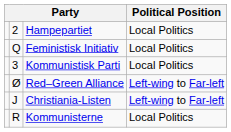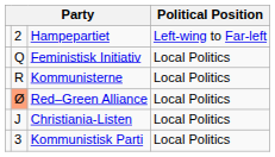 <table class="wikitable mw-collapsible mw-collapsed">
 <tr>
 <th colspan="3">Party</th>
 <th>Political Position</th>
 </tr>
 <tr>
 <td></td>
 <td>2</td>
 <td><a href='#'>Hampepartiet</a></td>
-<td>Local Politics</td>
+<td><a href='#'>Left-wing</a> to <a href='#'>Far-left</a></td>
 </tr>
 <tr>
 <td></td>
 <td>Q</td>
 <td><a href='#'>Feministisk Initiativ</a></td>
 <td>Local Politics</td>
 </tr>
 <tr>
 <td></td>
-<td>3</td>
-<td><a href='#'>Kommunistisk Parti</a></td>
+<td>R</td>
+<td><a href='#'>Kommunisterne</a></td>
 <td>Local Politics</td>
 </tr>
 <tr>
 <td></td>
-<td>Ø</td>
+<td style="background: lightsalmon;">Ø</td>
 <td><a href='#'>Red–Green Alliance</a></td>
-<td><a href='#'>Left-wing</a> to <a href='#'>Far-left</a></td>
+<td>Local Politics</td>
 </tr>
 <tr>
 <td></td>
 <td>J</td>
 <td><a href='#'>Christiania-Listen</a></td>
-<td><a href='#'>Left-wing</a> to <a href='#'>Far-left</a></td>
+<td>Local Politics</td>
 </tr>
 <tr>
 <td></td>
-<td>R</td>
-<td><a href='#'>Kommunisterne</a></td>
+<td>3</td>
+<td><a href='#'>Kommunistisk Parti</a></td>
 <td>Local Politics</td>
 </tr>
 </table>
